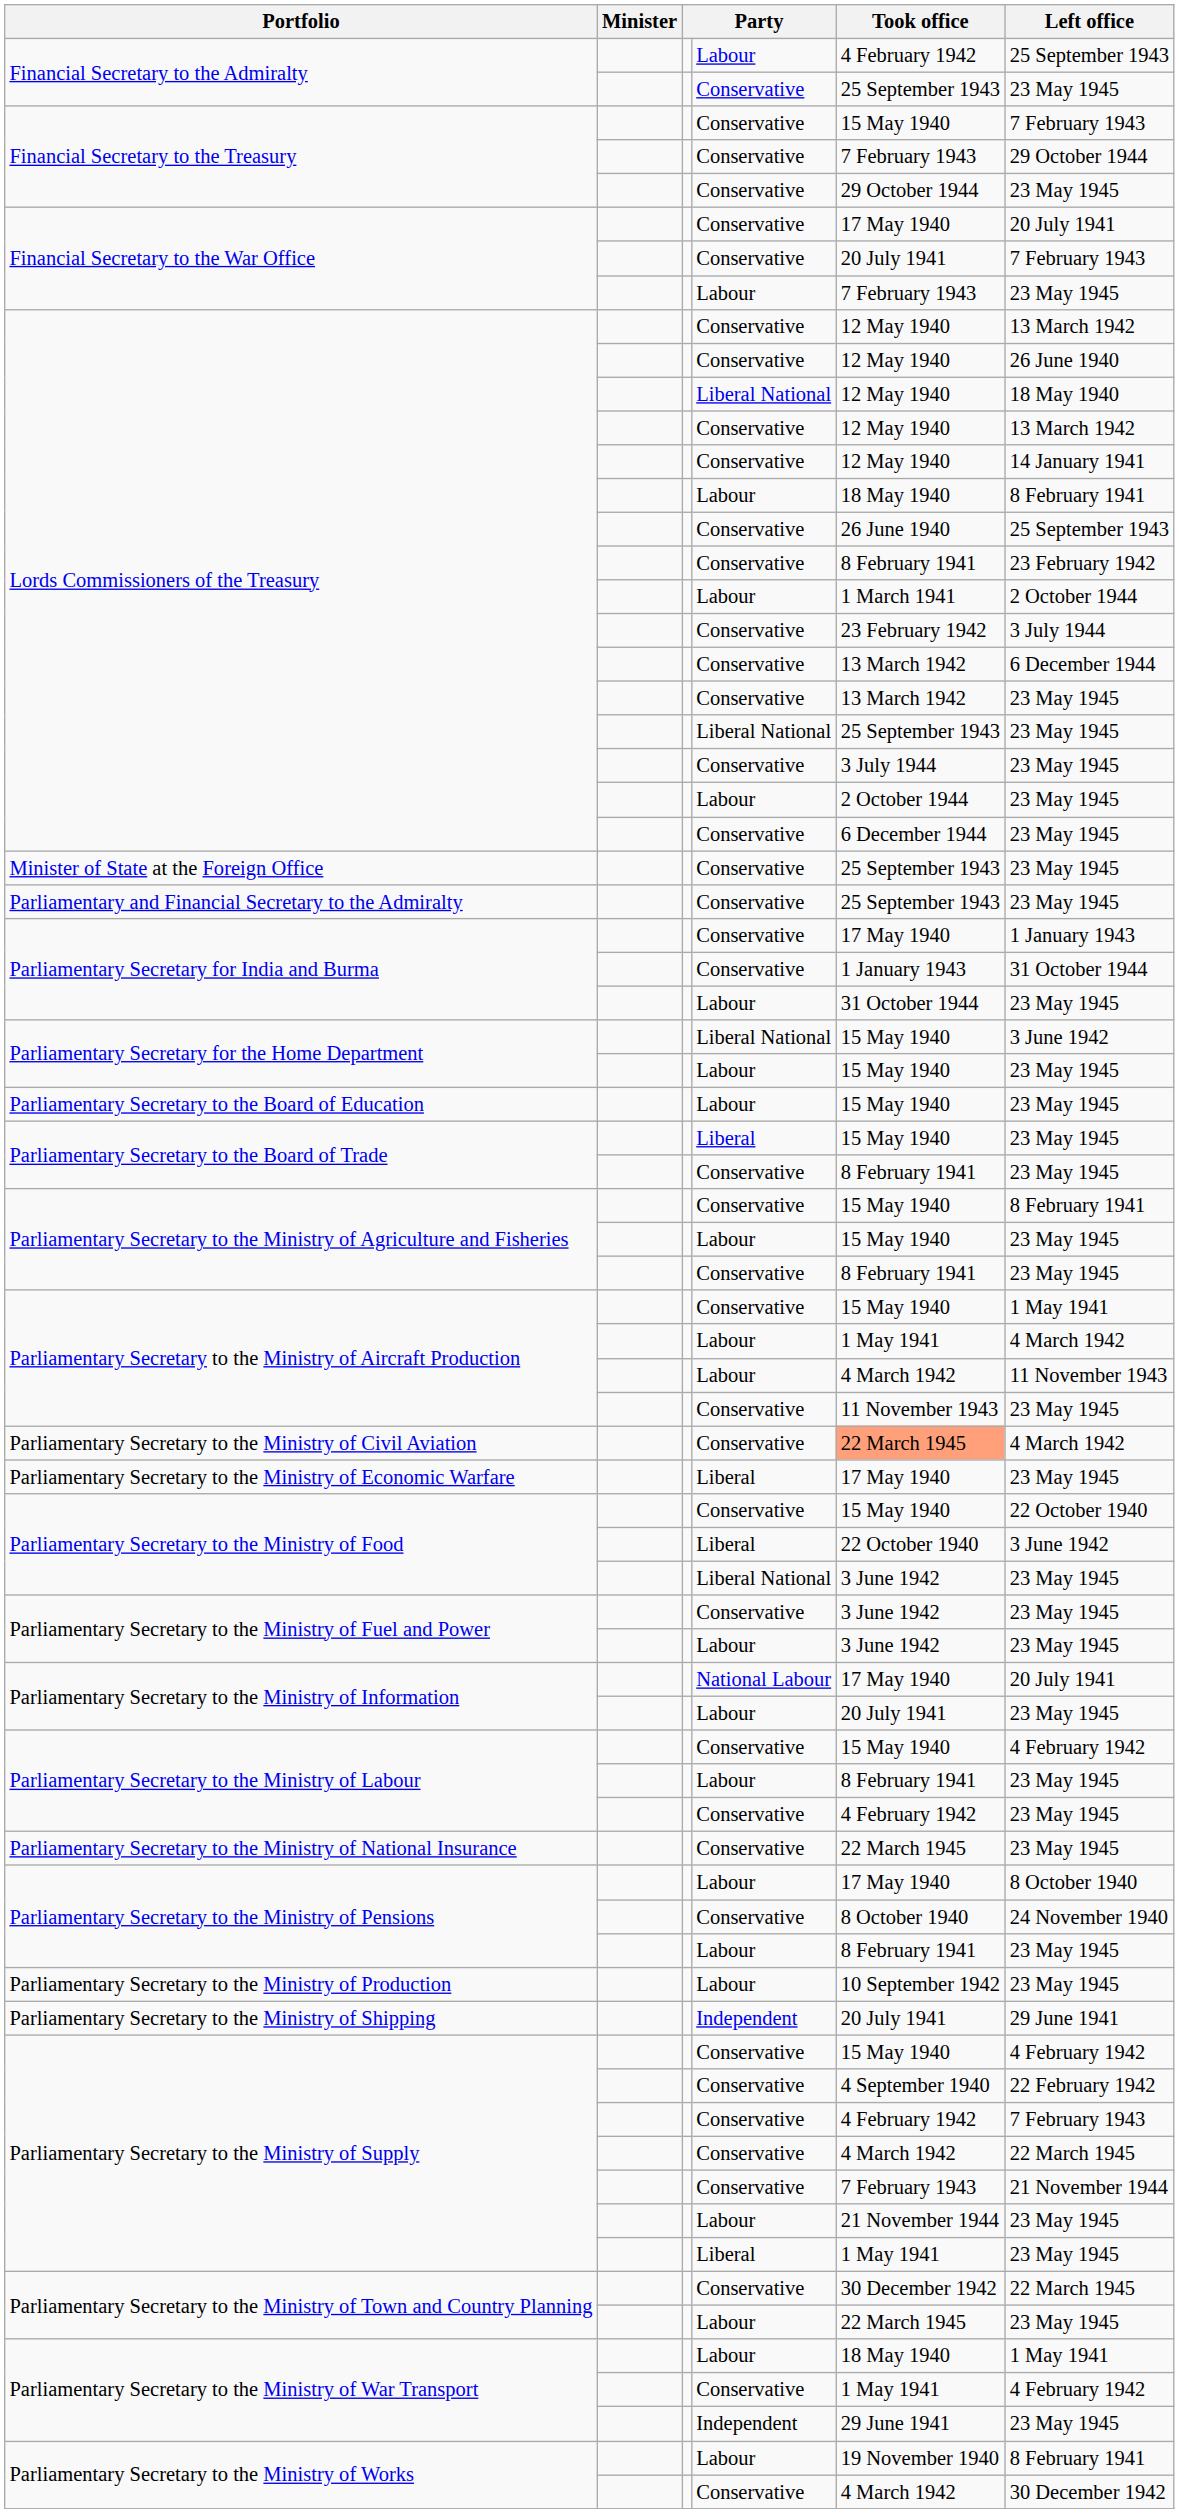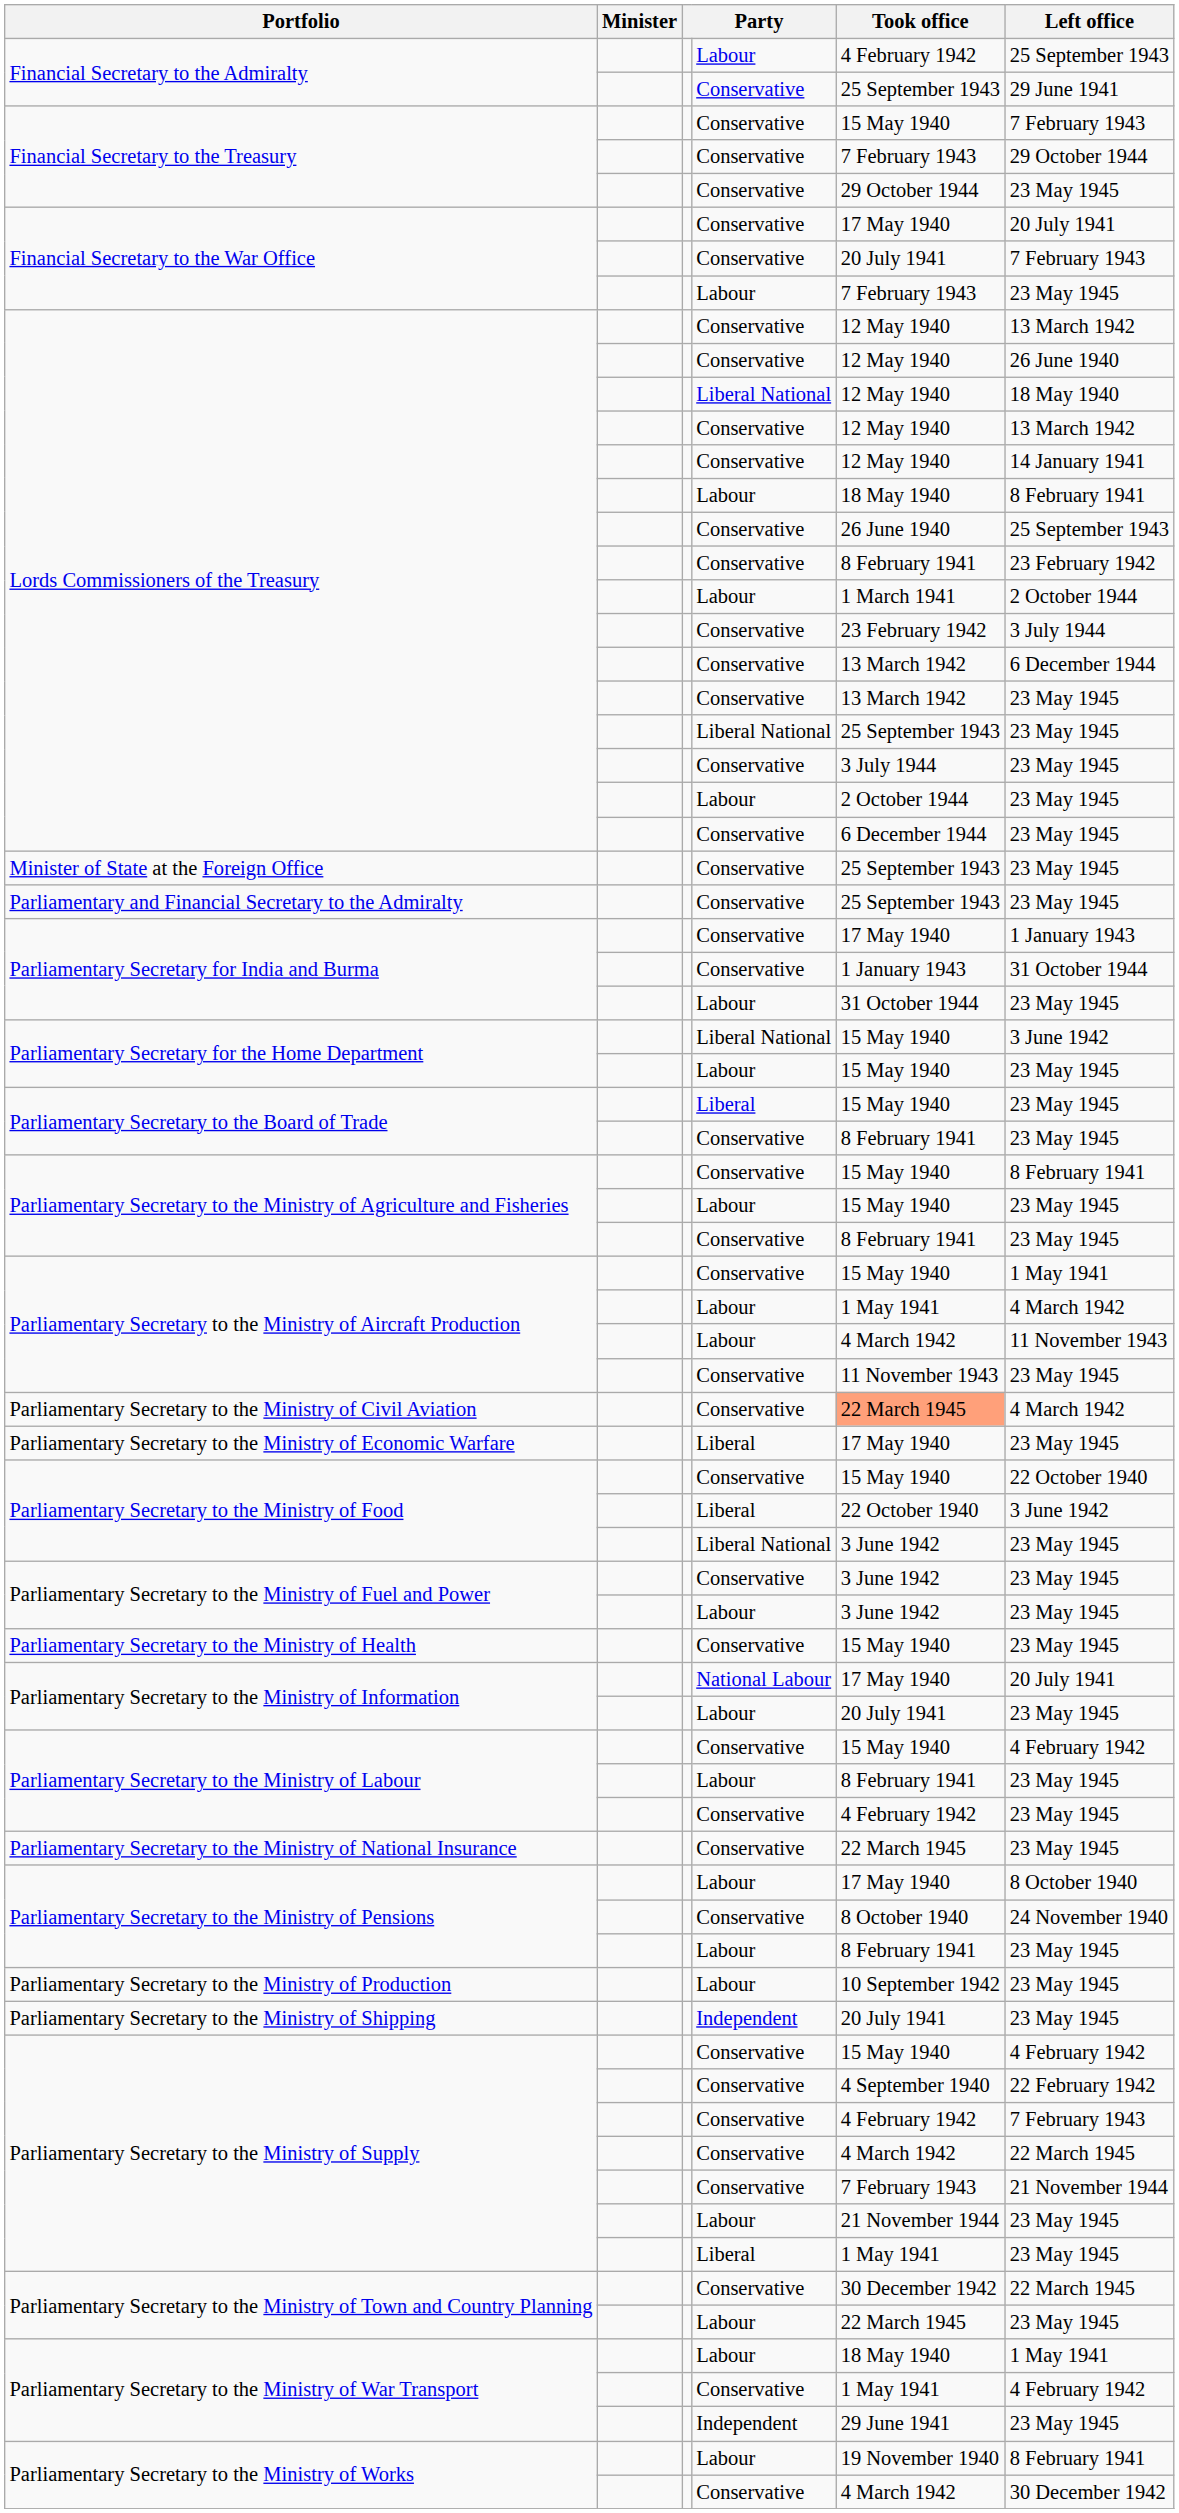 <table class="wikitable sortable" style="font-size:95%;">
 <tr>
 <th>Portfolio</th>
 <th>Minister</th>
 <th colspan=2>Party</th>
 <th>Took office</th>
 <th>Left office</th>
 </tr>
 <tr>
 <td rowspan=2><a href='#'>Financial Secretary to the Admiralty</a></td>
 <td></td>
 <td style="background: "></td>
 <td><a href='#'>Labour</a></td>
 <td>4 February 1942</td>
 <td>25 September 1943</td>
 </tr>
 <tr>
 <td></td>
 <td style="background: "></td>
 <td><a href='#'>Conservative</a></td>
 <td>25 September 1943</td>
-<td>23 May 1945</td>
+<td>29 June 1941</td>
 </tr>
 <tr>
 <td rowspan=3><a href='#'>Financial Secretary to the Treasury</a></td>
 <td></td>
 <td style="background: "></td>
 <td>Conservative</td>
 <td>15 May 1940</td>
 <td>7 February 1943</td>
 </tr>
 <tr>
 <td></td>
 <td style="background: "></td>
 <td>Conservative</td>
 <td>7 February 1943</td>
 <td>29 October 1944</td>
 </tr>
 <tr>
 <td></td>
 <td style="background: "></td>
 <td>Conservative</td>
 <td>29 October 1944</td>
 <td>23 May 1945</td>
 </tr>
 <tr>
 <td rowspan=3><a href='#'>Financial Secretary to the War Office</a></td>
 <td></td>
 <td style="background: "></td>
 <td>Conservative</td>
 <td>17 May 1940</td>
 <td>20 July 1941</td>
 </tr>
 <tr>
 <td></td>
 <td style="background: "></td>
 <td>Conservative</td>
 <td>20 July 1941</td>
 <td>7 February 1943</td>
 </tr>
 <tr>
 <td></td>
 <td style="background: "></td>
 <td>Labour</td>
 <td>7 February 1943</td>
 <td>23 May 1945</td>
 </tr>
 <tr>
 <td rowspan=16><a href='#'>Lords Commissioners of the Treasury</a></td>
 <td></td>
 <td style="background: "></td>
 <td>Conservative</td>
 <td>12 May 1940</td>
 <td>13 March 1942</td>
 </tr>
 <tr>
 <td></td>
 <td style="background: "></td>
 <td>Conservative</td>
 <td>12 May 1940</td>
 <td>26 June 1940</td>
 </tr>
 <tr>
 <td></td>
 <td style="background: "></td>
 <td><a href='#'>Liberal National</a></td>
 <td>12 May 1940</td>
 <td>18 May 1940</td>
 </tr>
 <tr>
 <td></td>
 <td style="background: "></td>
 <td>Conservative</td>
 <td>12 May 1940</td>
 <td>13 March 1942</td>
 </tr>
 <tr>
 <td></td>
 <td style="background: "></td>
 <td>Conservative</td>
 <td>12 May 1940</td>
 <td>14 January 1941</td>
 </tr>
 <tr>
 <td></td>
 <td style="background: "></td>
 <td>Labour</td>
 <td>18 May 1940</td>
 <td>8 February 1941</td>
 </tr>
 <tr>
 <td></td>
 <td style="background: "></td>
 <td>Conservative</td>
 <td>26 June 1940</td>
 <td>25 September 1943</td>
 </tr>
 <tr>
 <td></td>
 <td style="background: "></td>
 <td>Conservative</td>
 <td>8 February 1941</td>
 <td>23 February 1942</td>
 </tr>
 <tr>
 <td></td>
 <td style="background: "></td>
 <td>Labour</td>
 <td>1 March 1941</td>
 <td>2 October 1944</td>
 </tr>
 <tr>
 <td></td>
 <td style="background: "></td>
 <td>Conservative</td>
 <td>23 February 1942</td>
 <td>3 July 1944</td>
 </tr>
 <tr>
 <td></td>
 <td style="background: "></td>
 <td>Conservative</td>
 <td>13 March 1942</td>
 <td>6 December 1944</td>
 </tr>
 <tr>
 <td></td>
 <td style="background: "></td>
 <td>Conservative</td>
 <td>13 March 1942</td>
 <td>23 May 1945</td>
 </tr>
 <tr>
 <td></td>
 <td style="background: "></td>
 <td>Liberal National</td>
 <td>25 September 1943</td>
 <td>23 May 1945</td>
 </tr>
 <tr>
 <td></td>
 <td style="background: "></td>
 <td>Conservative</td>
 <td>3 July 1944</td>
 <td>23 May 1945</td>
 </tr>
 <tr>
 <td></td>
 <td style="background: "></td>
 <td>Labour</td>
 <td>2 October 1944</td>
 <td>23 May 1945</td>
 </tr>
 <tr>
 <td></td>
 <td style="background: "></td>
 <td>Conservative</td>
 <td>6 December 1944</td>
 <td>23 May 1945</td>
 </tr>
 <tr>
 <td><a href='#'>Minister of State</a> at the <a href='#'>Foreign Office</a></td>
 <td></td>
 <td style="background: "></td>
 <td>Conservative</td>
 <td>25 September 1943</td>
 <td>23 May 1945</td>
 </tr>
 <tr>
 <td><a href='#'>Parliamentary and Financial Secretary to the Admiralty</a></td>
 <td></td>
 <td style="background: "></td>
 <td>Conservative</td>
 <td>25 September 1943</td>
 <td>23 May 1945</td>
 </tr>
 <tr>
 <td rowspan=3><a href='#'>Parliamentary Secretary for India and Burma</a></td>
 <td></td>
 <td style="background: "></td>
 <td>Conservative</td>
 <td>17 May 1940</td>
 <td>1 January 1943</td>
 </tr>
 <tr>
 <td></td>
 <td style="background: "></td>
 <td>Conservative</td>
 <td>1 January 1943</td>
 <td>31 October 1944</td>
 </tr>
 <tr>
 <td></td>
 <td style="background: "></td>
 <td>Labour</td>
 <td>31 October 1944</td>
 <td>23 May 1945</td>
 </tr>
 <tr>
 <td rowspan=2><a href='#'>Parliamentary Secretary for the Home Department</a></td>
 <td></td>
 <td style="background: "></td>
 <td>Liberal National</td>
 <td>15 May 1940</td>
 <td>3 June 1942</td>
 </tr>
 <tr>
 <td></td>
 <td style="background: "></td>
 <td>Labour</td>
 <td>15 May 1940</td>
 <td>23 May 1945</td>
 </tr>
 <tr>
-<td><a href='#'>Parliamentary Secretary to the Board of Education</a></td>
-<td></td>
-<td style="background: "></td>
-<td>Labour</td>
-<td>15 May 1940</td>
-<td>23 May 1945</td>
-</tr>
-<tr>
 <td rowspan=2><a href='#'>Parliamentary Secretary to the Board of Trade</a></td>
 <td></td>
 <td style="background: "></td>
 <td><a href='#'>Liberal</a></td>
 <td>15 May 1940</td>
 <td>23 May 1945</td>
 </tr>
 <tr>
 <td></td>
 <td style="background: "></td>
 <td>Conservative</td>
 <td>8 February 1941</td>
 <td>23 May 1945</td>
 </tr>
 <tr>
 <td rowspan=3><a href='#'>Parliamentary Secretary to the Ministry of Agriculture and Fisheries</a></td>
 <td></td>
 <td style="background: "></td>
 <td>Conservative</td>
 <td>15 May 1940</td>
 <td>8 February 1941</td>
 </tr>
 <tr>
 <td></td>
 <td style="background: "></td>
 <td>Labour</td>
 <td>15 May 1940</td>
 <td>23 May 1945</td>
 </tr>
 <tr>
 <td></td>
 <td style="background: "></td>
 <td>Conservative</td>
 <td>8 February 1941</td>
 <td>23 May 1945</td>
 </tr>
 <tr>
 <td rowspan=4><a href='#'>Parliamentary Secretary</a> to the <a href='#'>Ministry of Aircraft Production</a></td>
 <td></td>
 <td style="background: "></td>
 <td>Conservative</td>
 <td>15 May 1940</td>
 <td>1 May 1941</td>
 </tr>
 <tr>
 <td></td>
 <td style="background: "></td>
 <td>Labour</td>
 <td>1 May 1941</td>
 <td>4 March 1942</td>
 </tr>
 <tr>
 <td></td>
 <td style="background: "></td>
 <td>Labour</td>
 <td>4 March 1942</td>
 <td>11 November 1943</td>
 </tr>
 <tr>
 <td></td>
 <td style="background: "></td>
 <td>Conservative</td>
 <td>11 November 1943</td>
 <td>23 May 1945</td>
 </tr>
 <tr>
 <td>Parliamentary Secretary to the <a href='#'>Ministry of Civil Aviation</a></td>
 <td></td>
 <td style="background: "></td>
 <td>Conservative</td>
 <td style="background: lightsalmon;">22 March 1945</td>
 <td>4 March 1942</td>
 </tr>
 <tr>
 <td>Parliamentary Secretary to the <a href='#'>Ministry of Economic Warfare</a></td>
 <td></td>
 <td style="background: "></td>
 <td>Liberal</td>
 <td>17 May 1940</td>
 <td>23 May 1945</td>
 </tr>
 <tr>
 <td rowspan=3><a href='#'>Parliamentary Secretary to the Ministry of Food</a></td>
 <td></td>
 <td style="background: "></td>
 <td>Conservative</td>
 <td>15 May 1940</td>
 <td>22 October 1940</td>
 </tr>
 <tr>
 <td></td>
 <td style="background: "></td>
 <td>Liberal</td>
 <td>22 October 1940</td>
 <td>3 June 1942</td>
 </tr>
 <tr>
 <td></td>
 <td style="background: "></td>
 <td>Liberal National</td>
 <td>3 June 1942</td>
 <td>23 May 1945</td>
 </tr>
 <tr>
 <td rowspan=2>Parliamentary Secretary to the <a href='#'>Ministry of Fuel and Power</a></td>
 <td></td>
 <td style="background: "></td>
 <td>Conservative</td>
 <td>3 June 1942</td>
 <td>23 May 1945</td>
 </tr>
 <tr>
 <td></td>
 <td style="background: "></td>
 <td>Labour</td>
 <td>3 June 1942</td>
 <td>23 May 1945</td>
 </tr>
 <tr>
+<td><a href='#'>Parliamentary Secretary to the Ministry of Health</a></td>
+<td></td>
+<td style="background: "></td>
+<td>Conservative</td>
+<td>15 May 1940</td>
+<td>23 May 1945</td>
+</tr>
+<tr>
 <td rowspan=2>Parliamentary Secretary to the <a href='#'>Ministry of Information</a></td>
 <td></td>
 <td style="background: "></td>
 <td><a href='#'>National Labour</a></td>
 <td>17 May 1940</td>
 <td>20 July 1941</td>
 </tr>
 <tr>
 <td></td>
 <td style="background: "></td>
 <td>Labour</td>
 <td>20 July 1941</td>
 <td>23 May 1945</td>
 </tr>
 <tr>
 <td rowspan=3><a href='#'>Parliamentary Secretary to the Ministry of Labour</a></td>
 <td></td>
 <td style="background: "></td>
 <td>Conservative</td>
 <td>15 May 1940</td>
 <td>4 February 1942</td>
 </tr>
 <tr>
 <td></td>
 <td style="background: "></td>
 <td>Labour</td>
 <td>8 February 1941</td>
 <td>23 May 1945</td>
 </tr>
 <tr>
 <td></td>
 <td style="background: "></td>
 <td>Conservative</td>
 <td>4 February 1942</td>
 <td>23 May 1945</td>
 </tr>
 <tr>
 <td><a href='#'>Parliamentary Secretary to the Ministry of National Insurance</a></td>
 <td></td>
 <td style="background: "></td>
 <td>Conservative</td>
 <td>22 March 1945</td>
 <td>23 May 1945</td>
 </tr>
 <tr>
 <td rowspan=3><a href='#'>Parliamentary Secretary to the Ministry of Pensions</a></td>
 <td></td>
 <td style="background: "></td>
 <td>Labour</td>
 <td>17 May 1940</td>
 <td>8 October 1940</td>
 </tr>
 <tr>
 <td></td>
 <td style="background: "></td>
 <td>Conservative</td>
 <td>8 October 1940</td>
 <td>24 November 1940</td>
 </tr>
 <tr>
 <td></td>
 <td style="background: "></td>
 <td>Labour</td>
 <td>8 February 1941</td>
 <td>23 May 1945</td>
 </tr>
 <tr>
 <td>Parliamentary Secretary to the <a href='#'>Ministry of Production</a></td>
 <td></td>
 <td style="background: "></td>
 <td>Labour</td>
 <td>10 September 1942</td>
 <td>23 May 1945</td>
 </tr>
 <tr>
 <td>Parliamentary Secretary to the <a href='#'>Ministry of Shipping</a></td>
 <td></td>
 <td style="background: "></td>
 <td><a href='#'>Independent</a></td>
 <td>20 July 1941</td>
-<td>29 June 1941</td>
+<td>23 May 1945</td>
 </tr>
 <tr>
 <td rowspan=7>Parliamentary Secretary to the <a href='#'>Ministry of Supply</a></td>
 <td></td>
 <td style="background: "></td>
 <td>Conservative</td>
 <td>15 May 1940</td>
 <td>4 February 1942</td>
 </tr>
 <tr>
 <td></td>
 <td style="background: "></td>
 <td>Conservative</td>
 <td>4 September 1940</td>
 <td>22 February 1942</td>
 </tr>
 <tr>
 <td></td>
 <td style="background: "></td>
 <td>Conservative</td>
 <td>4 February 1942</td>
 <td>7 February 1943</td>
 </tr>
 <tr>
 <td></td>
 <td style="background: "></td>
 <td>Conservative</td>
 <td>4 March 1942</td>
 <td>22 March 1945</td>
 </tr>
 <tr>
 <td></td>
 <td style="background: "></td>
 <td>Conservative</td>
 <td>7 February 1943</td>
 <td>21 November 1944</td>
 </tr>
 <tr>
 <td></td>
 <td style="background: "></td>
 <td>Labour</td>
 <td>21 November 1944</td>
 <td>23 May 1945</td>
 </tr>
 <tr>
 <td></td>
 <td style="background: "></td>
 <td>Liberal</td>
 <td>1 May 1941</td>
 <td>23 May 1945</td>
 </tr>
 <tr>
 <td rowspan=2>Parliamentary Secretary to the <a href='#'>Ministry of Town and Country Planning</a></td>
 <td></td>
 <td style="background: "></td>
 <td>Conservative</td>
 <td>30 December 1942</td>
 <td>22 March 1945</td>
 </tr>
 <tr>
 <td></td>
 <td style="background: "></td>
 <td>Labour</td>
 <td>22 March 1945</td>
 <td>23 May 1945</td>
 </tr>
 <tr>
 <td rowspan=3>Parliamentary Secretary to the <a href='#'>Ministry of War Transport</a></td>
 <td></td>
 <td style="background: "></td>
 <td>Labour</td>
 <td>18 May 1940</td>
 <td>1 May 1941</td>
 </tr>
 <tr>
 <td></td>
 <td style="background: "></td>
 <td>Conservative</td>
 <td>1 May 1941</td>
 <td>4 February 1942</td>
 </tr>
 <tr>
 <td></td>
 <td style="background: "></td>
 <td>Independent</td>
 <td>29 June 1941</td>
 <td>23 May 1945</td>
 </tr>
 <tr>
 <td rowspan=2>Parliamentary Secretary to the <a href='#'>Ministry of Works</a></td>
 <td></td>
 <td style="background: "></td>
 <td>Labour</td>
 <td>19 November 1940</td>
 <td>8 February 1941</td>
 </tr>
 <tr>
 <td></td>
 <td style="background: "></td>
 <td>Conservative</td>
 <td>4 March 1942</td>
 <td>30 December 1942</td>
 </tr>
 <tr>
 </tr>
 </table>
